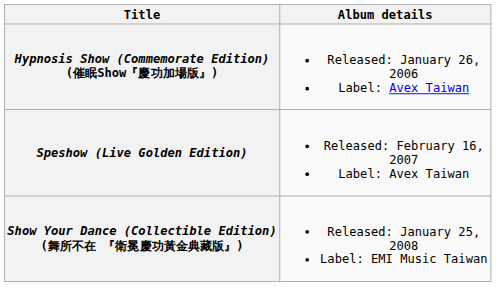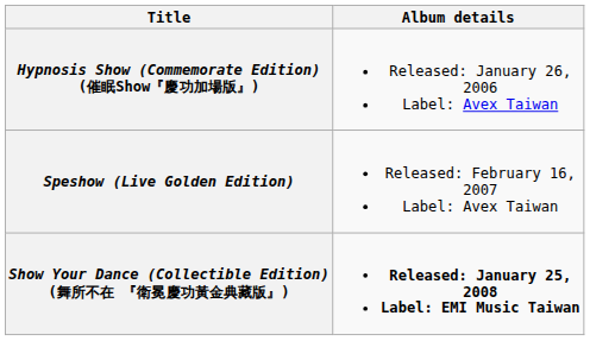 <table class="wikitable plainrowheaders" style="text-align:center;">
 <tr>
 <th rowspan="1">Title</th>
 <th rowspan="1" style="width:17em;">Album details</th>
 </tr>
 <tr>
 <th scope="row"><em>Hypnosis Show (Commemorate Edition)</em><br>(催眠Show『慶功加場版』)</th>
 <td><br><ul><li>Released: January 26, 2006</li><li>Label: <a href='#'>Avex Taiwan</a></li></ul></td>
 </tr>
 <tr>
 <th scope="row"><em>Speshow (Live Golden Edition)</em></th>
 <td><br><ul><li>Released: February 16, 2007</li><li>Label: Avex Taiwan</li></ul></td>
 </tr>
 <tr>
 <th scope="row"><em>Show Your Dance (Collectible Edition)</em><br>(舞所不在 『衛冕慶功黃金典藏版』)</th>
-<td><br><ul><li>Released: January 25, 2008</li><li>Label: EMI Music Taiwan</li></ul></td>
+<td><strong><br><ul><li>Released: January 25, 2008</li><li>Label: EMI Music Taiwan</li></ul></strong></td>
 </tr>
 </table>
